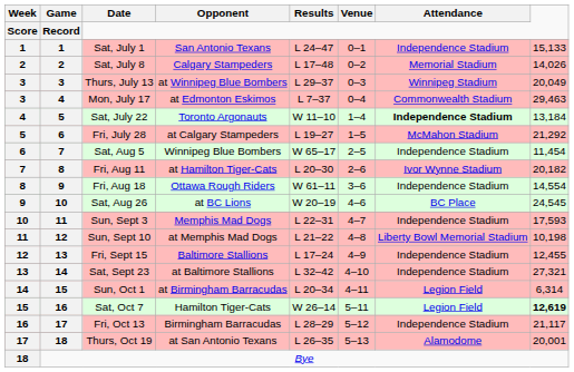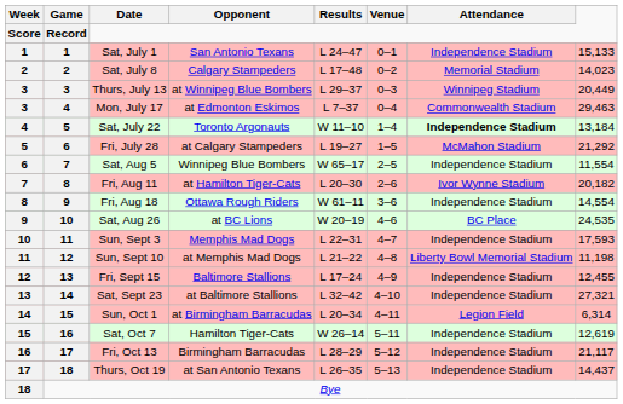 <table class="wikitable" style="text-align:center">
 <tr>
 <th>Week</th>
 <th>Game</th>
 <th>Date</th>
 <th>Opponent</th>
 <th>Results</th>
 <th>Venue</th>
 <th>Attendance</th>
 </tr>
 <tr>
 <th>Score</th>
 <th>Record</th>
 </tr>
 <tr style="background:#ffbbbb">
 <th>1</th>
 <th>1</th>
 <td>Sat, July 1</td>
 <td><a href='#'>San Antonio Texans</a></td>
 <td>L 24–47</td>
 <td>0–1</td>
 <td><a href='#'>Independence Stadium</a></td>
 <td>15,133</td>
 </tr>
 <tr style="background:#ffbbbb">
 <th>2</th>
 <th>2</th>
 <td>Sat, July 8</td>
 <td><a href='#'>Calgary Stampeders</a></td>
 <td>L 17–48</td>
 <td>0–2</td>
 <td><a href='#'>Memorial Stadium</a></td>
-<td>14,026</td>
+<td>14,023</td>
 </tr>
 <tr style="background:#ffbbbb">
 <th>3</th>
 <th>3</th>
 <td>Thurs, July 13</td>
 <td>at <a href='#'>Winnipeg Blue Bombers</a></td>
 <td>L 29–37</td>
 <td>0–3</td>
 <td><a href='#'>Winnipeg Stadium</a></td>
-<td>20,049</td>
+<td>20,449</td>
 </tr>
 <tr style="background:#ffbbbb">
 <th>3</th>
 <th>4</th>
 <td>Mon, July 17</td>
 <td>at <a href='#'>Edmonton Eskimos</a></td>
 <td>L 7–37</td>
 <td>0–4</td>
 <td><a href='#'>Commonwealth Stadium</a></td>
 <td>29,463</td>
 </tr>
 <tr style="background:#ddffdd">
 <th>4</th>
 <th>5</th>
 <td>Sat, July 22</td>
 <td><a href='#'>Toronto Argonauts</a></td>
 <td>W 11–10</td>
 <td>1–4</td>
 <td><strong>Independence Stadium</strong></td>
 <td>13,184</td>
 </tr>
 <tr style="background:#ffbbbb">
 <th>5</th>
 <th>6</th>
 <td>Fri, July 28</td>
 <td>at Calgary Stampeders</td>
 <td>L 19–27</td>
 <td>1–5</td>
 <td><a href='#'>McMahon Stadium</a></td>
 <td>21,292</td>
 </tr>
 <tr style="background:#ddffdd">
 <th>6</th>
 <th>7</th>
 <td>Sat, Aug 5</td>
 <td>Winnipeg Blue Bombers</td>
 <td>W 65–17</td>
 <td>2–5</td>
 <td>Independence Stadium</td>
-<td>11,454</td>
+<td>11,554</td>
 </tr>
 <tr style="background:#ffbbbb">
 <th>7</th>
 <th>8</th>
 <td>Fri, Aug 11</td>
 <td>at <a href='#'>Hamilton Tiger-Cats</a></td>
 <td>L 20–30</td>
 <td>2–6</td>
 <td><a href='#'>Ivor Wynne Stadium</a></td>
 <td>20,182</td>
 </tr>
 <tr style="background:#ddffdd">
 <th>8</th>
 <th>9</th>
 <td>Fri, Aug 18</td>
 <td><a href='#'>Ottawa Rough Riders</a></td>
 <td>W 61–11</td>
 <td>3–6</td>
 <td>Independence Stadium</td>
 <td>14,554</td>
 </tr>
 <tr style="background:#ddffdd">
 <th>9</th>
 <th>10</th>
 <td>Sat, Aug 26</td>
 <td>at <a href='#'>BC Lions</a></td>
 <td>W 20–19</td>
 <td>4–6</td>
 <td><a href='#'>BC Place</a></td>
-<td>24,545</td>
+<td>24,535</td>
 </tr>
 <tr style="background:#ffbbbb">
 <th>10</th>
 <th>11</th>
 <td>Sun, Sept 3</td>
 <td><a href='#'>Memphis Mad Dogs</a></td>
 <td>L 22–31</td>
 <td>4–7</td>
 <td>Independence Stadium</td>
 <td>17,593</td>
 </tr>
 <tr style="background:#ffbbbb">
 <th>11</th>
 <th>12</th>
 <td>Sun, Sept 10</td>
 <td>at Memphis Mad Dogs</td>
 <td>L 21–22</td>
 <td>4–8</td>
 <td><a href='#'>Liberty Bowl Memorial Stadium</a></td>
-<td>10,198</td>
+<td>11,198</td>
 </tr>
 <tr style="background:#ffbbbb">
 <th>12</th>
 <th>13</th>
 <td>Fri, Sept 15</td>
 <td><a href='#'>Baltimore Stallions</a></td>
 <td>L 17–24</td>
 <td>4–9</td>
 <td>Independence Stadium</td>
 <td>12,455</td>
 </tr>
 <tr style="background:#ffbbbb">
 <th>13</th>
 <th>14</th>
 <td>Sat, Sept 23</td>
 <td>at Baltimore Stallions</td>
 <td>L 32–42</td>
 <td>4–10</td>
 <td>Independence Stadium</td>
 <td>27,321</td>
 </tr>
 <tr style="background:#ffbbbb">
 <th>14</th>
 <th>15</th>
 <td>Sun, Oct 1</td>
 <td>at <a href='#'>Birmingham Barracudas</a></td>
 <td>L 20–34</td>
 <td>4–11</td>
 <td><a href='#'>Legion Field</a></td>
 <td>6,314</td>
 </tr>
 <tr style="background:#ddffdd">
 <th>15</th>
 <th>16</th>
 <td>Sat, Oct 7</td>
 <td>Hamilton Tiger-Cats</td>
 <td>W 26–14</td>
 <td>5–11</td>
-<td><a href='#'>Legion Field</a></td>
-<td><strong>12,619</strong></td>
+<td>Independence Stadium</td>
+<td>12,619</td>
 </tr>
 <tr style="background:#ffbbbb">
 <th>16</th>
 <th>17</th>
 <td>Fri, Oct 13</td>
 <td>Birmingham Barracudas</td>
 <td>L 28–29</td>
 <td>5–12</td>
 <td>Independence Stadium</td>
 <td>21,117</td>
 </tr>
 <tr style="background:#ffbbbb">
 <th>17</th>
 <th>18</th>
 <td>Thurs, Oct 19</td>
 <td>at San Antonio Texans</td>
 <td>L 26–35</td>
 <td>5–13</td>
-<td><a href='#'>Alamodome</a></td>
-<td>20,001</td>
+<td>Independence Stadium</td>
+<td>14,437</td>
 </tr>
 <tr align="center">
 <th>18</th>
 <td colspan=7><em><a href='#'>Bye</a></em></td>
 </tr>
 </table>
